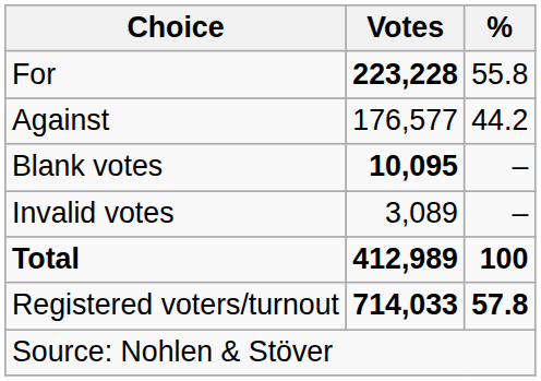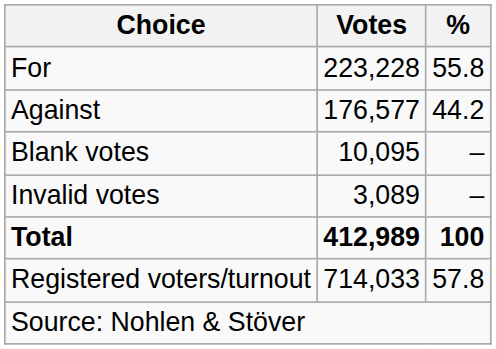 <table class=wikitable style=text-align:right>
 <tr>
 <th>Choice</th>
 <th>Votes</th>
 <th>%</th>
 </tr>
 <tr>
 <td align=left>For</td>
-<td><strong>223,228</strong></td>
+<td>223,228</td>
 <td>55.8</td>
 </tr>
 <tr>
 <td align=left>Against</td>
 <td>176,577</td>
 <td>44.2</td>
 </tr>
 <tr>
 <td align=left>Blank votes</td>
-<td><strong>10,095</strong></td>
+<td>10,095</td>
 <td>–</td>
 </tr>
 <tr>
 <td align=left>Invalid votes</td>
 <td>3,089</td>
 <td>–</td>
 </tr>
 <tr>
 <td align=left><strong>Total</strong></td>
 <td><strong>412,989</strong></td>
 <td><strong>100</strong></td>
 </tr>
 <tr>
 <td align=left>Registered voters/turnout</td>
-<td><strong>714,033</strong></td>
-<td><strong>57.8</strong></td>
+<td>714,033</td>
+<td>57.8</td>
 </tr>
 <tr>
 <td align=left colspan=3>Source: Nohlen & Stöver</td>
 </tr>
 </table>
